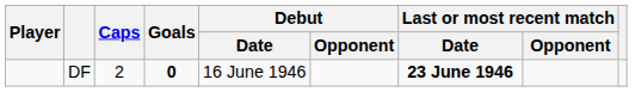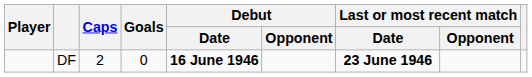 <table class="wikitable sortable" style="text-align: center;">
 <tr>
 <th scope=col rowspan=2>Player</th>
 <th scope=col rowspan=2></th>
 <th scope=col rowspan=2><a href='#'>Caps</a></th>
 <th scope=col rowspan=2>Goals</th>
 <th scope=col colspan=2>Debut</th>
 <th scope=col colspan=2>Last or most recent match</th>
 <th scope=col rowspan=2 class=unsortable></th>
 </tr>
 <tr class=unsortable>
 <th scope=col>Date</th>
 <th scope=col>Opponent</th>
 <th scope=col>Date</th>
 <th scope=col>Opponent</th>
 </tr>
 <tr>
 <td></td>
 <td>DF</td>
 <td>2</td>
-<td><strong>0</strong></td>
-<td>16 June 1946</td>
+<td>0</td>
+<td><strong>16 June 1946</strong></td>
 <td align=left></td>
 <td><strong>23 June 1946</strong></td>
 <td align=left></td>
 <td></td>
 </tr>
 </table>
